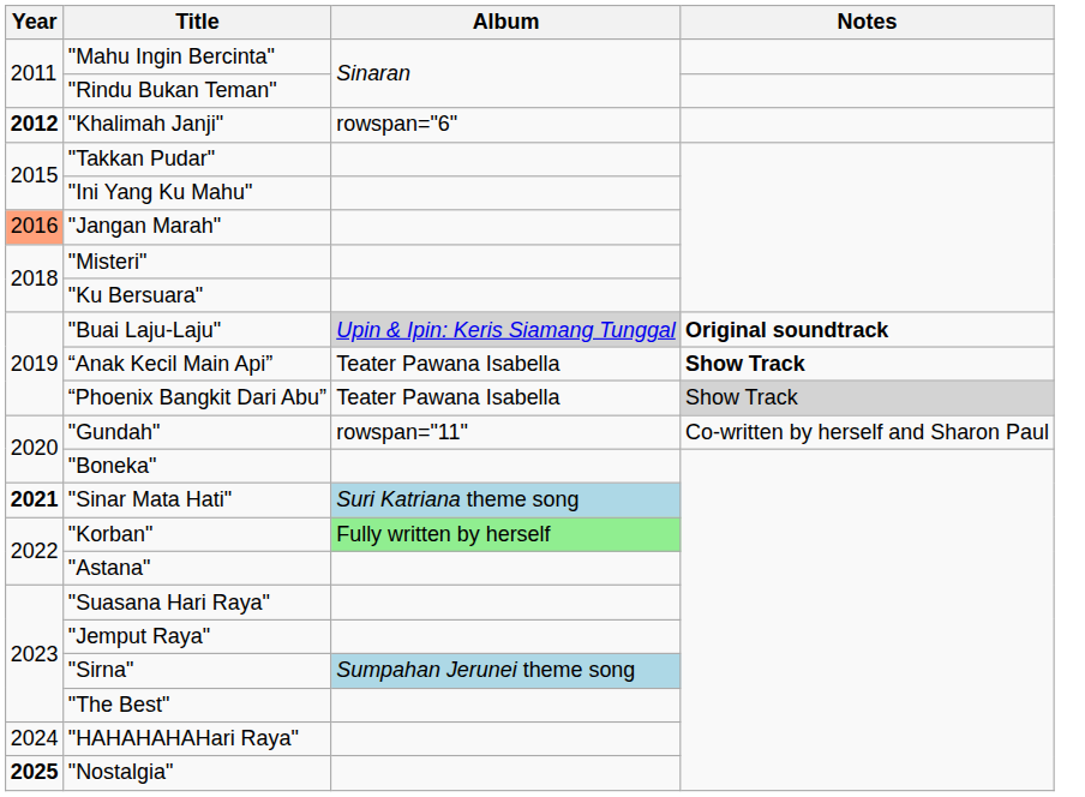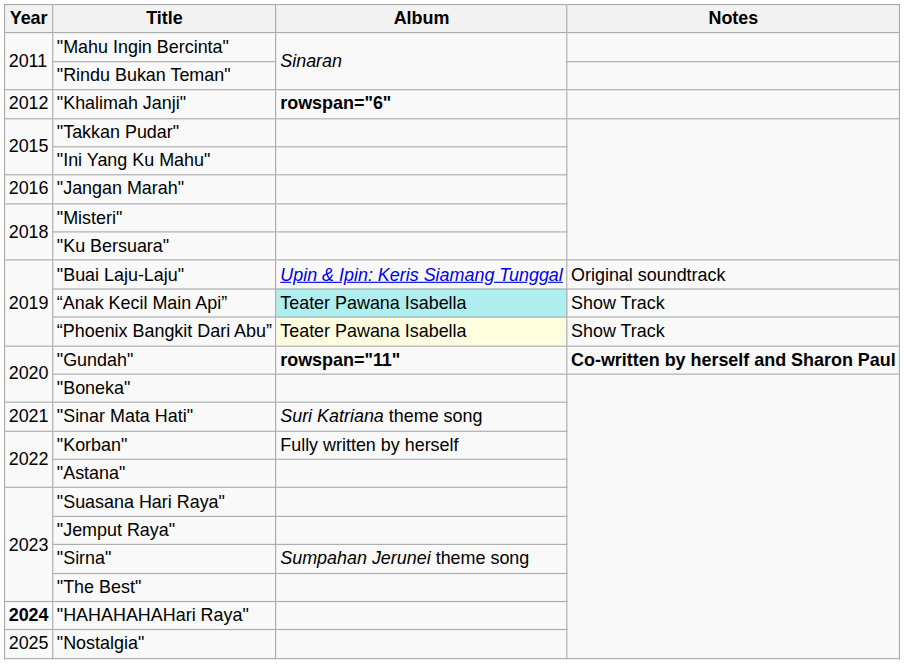 <table class="wikitable">
 <tr>
 <th>Year</th>
 <th>Title</th>
 <th>Album</th>
 <th>Notes</th>
 </tr>
 <tr>
 <td rowspan="2">2011</td>
 <td>"Mahu Ingin Bercinta"</td>
 <td rowspan="2"><em>Sinaran</em></td>
 <td></td>
 </tr>
 <tr>
 <td>"Rindu Bukan Teman"</td>
 <td></td>
 </tr>
 <tr>
-<td><strong>2012</strong></td>
+<td>2012</td>
 <td>"Khalimah Janji"</td>
-<td>rowspan="6"</td>
+<td><strong>rowspan="6"</strong></td>
 <td></td>
 </tr>
 <tr>
 <td rowspan="2">2015</td>
 <td>"Takkan Pudar"</td>
 <td></td>
 </tr>
 <tr>
 <td>"Ini Yang Ku Mahu"</td>
 <td></td>
 </tr>
 <tr>
-<td style="background: lightsalmon;">2016</td>
+<td>2016</td>
 <td>"Jangan Marah"</td>
 <td></td>
 </tr>
 <tr>
 <td rowspan="2">2018</td>
 <td>"Misteri"</td>
 <td></td>
 </tr>
 <tr>
 <td>"Ku Bersuara"</td>
 <td></td>
 </tr>
 <tr>
 <td rowspan="3">2019</td>
 <td>"Buai Laju-Laju"</td>
-<td style="background: lightgrey;"><a href='#'><em>Upin & Ipin: Keris Siamang Tunggal</em></a></td>
-<td><strong>Original soundtrack</strong></td>
+<td><a href='#'><em>Upin & Ipin: Keris Siamang Tunggal</em></a></td>
+<td>Original soundtrack</td>
 </tr>
 <tr>
 <td>“Anak Kecil Main Api”</td>
-<td>Teater Pawana Isabella</td>
-<td><strong>Show Track</strong></td>
+<td style="background: paleturquoise;">Teater Pawana Isabella</td>
+<td>Show Track</td>
 </tr>
 <tr>
 <td>“Phoenix Bangkit Dari Abu”</td>
-<td>Teater Pawana Isabella</td>
-<td style="background: lightgrey;">Show Track</td>
+<td style="background: lightyellow;">Teater Pawana Isabella</td>
+<td>Show Track</td>
 </tr>
 <tr>
 <td rowspan="2">2020</td>
 <td>"Gundah"</td>
-<td>rowspan="11"</td>
-<td>Co-written by herself and Sharon Paul</td>
+<td><strong>rowspan="11"</strong></td>
+<td><strong>Co-written by herself and Sharon Paul</strong></td>
 </tr>
 <tr>
 <td>"Boneka"</td>
 <td></td>
 </tr>
 <tr>
-<td><strong>2021</strong></td>
+<td>2021</td>
 <td>"Sinar Mata Hati"</td>
-<td style="background: lightblue;"><em>Suri Katriana</em> theme song</td>
+<td><em>Suri Katriana</em> theme song</td>
 </tr>
 <tr>
 <td rowspan="2">2022</td>
 <td>"Korban"</td>
-<td style="background: lightgreen;">Fully written by herself </td>
+<td>Fully written by herself </td>
 </tr>
 <tr>
 <td>"Astana"</td>
 <td></td>
 </tr>
 <tr>
 <td rowspan="4">2023</td>
 <td>"Suasana Hari Raya"</td>
 <td></td>
 </tr>
 <tr>
 <td>"Jemput Raya"</td>
 <td></td>
 </tr>
 <tr>
 <td>"Sirna"</td>
-<td style="background: lightblue;"><em>Sumpahan Jerunei</em> theme song</td>
+<td><em>Sumpahan Jerunei</em> theme song</td>
 </tr>
 <tr>
 <td>"The Best"</td>
 <td></td>
 </tr>
 <tr>
-<td>2024</td>
+<td><strong>2024</strong></td>
 <td>"HAHAHAHAHari Raya"</td>
 <td></td>
 </tr>
 <tr>
-<td><strong>2025</strong></td>
+<td>2025</td>
 <td>"Nostalgia"</td>
 <td></td>
 </tr>
 </table>
